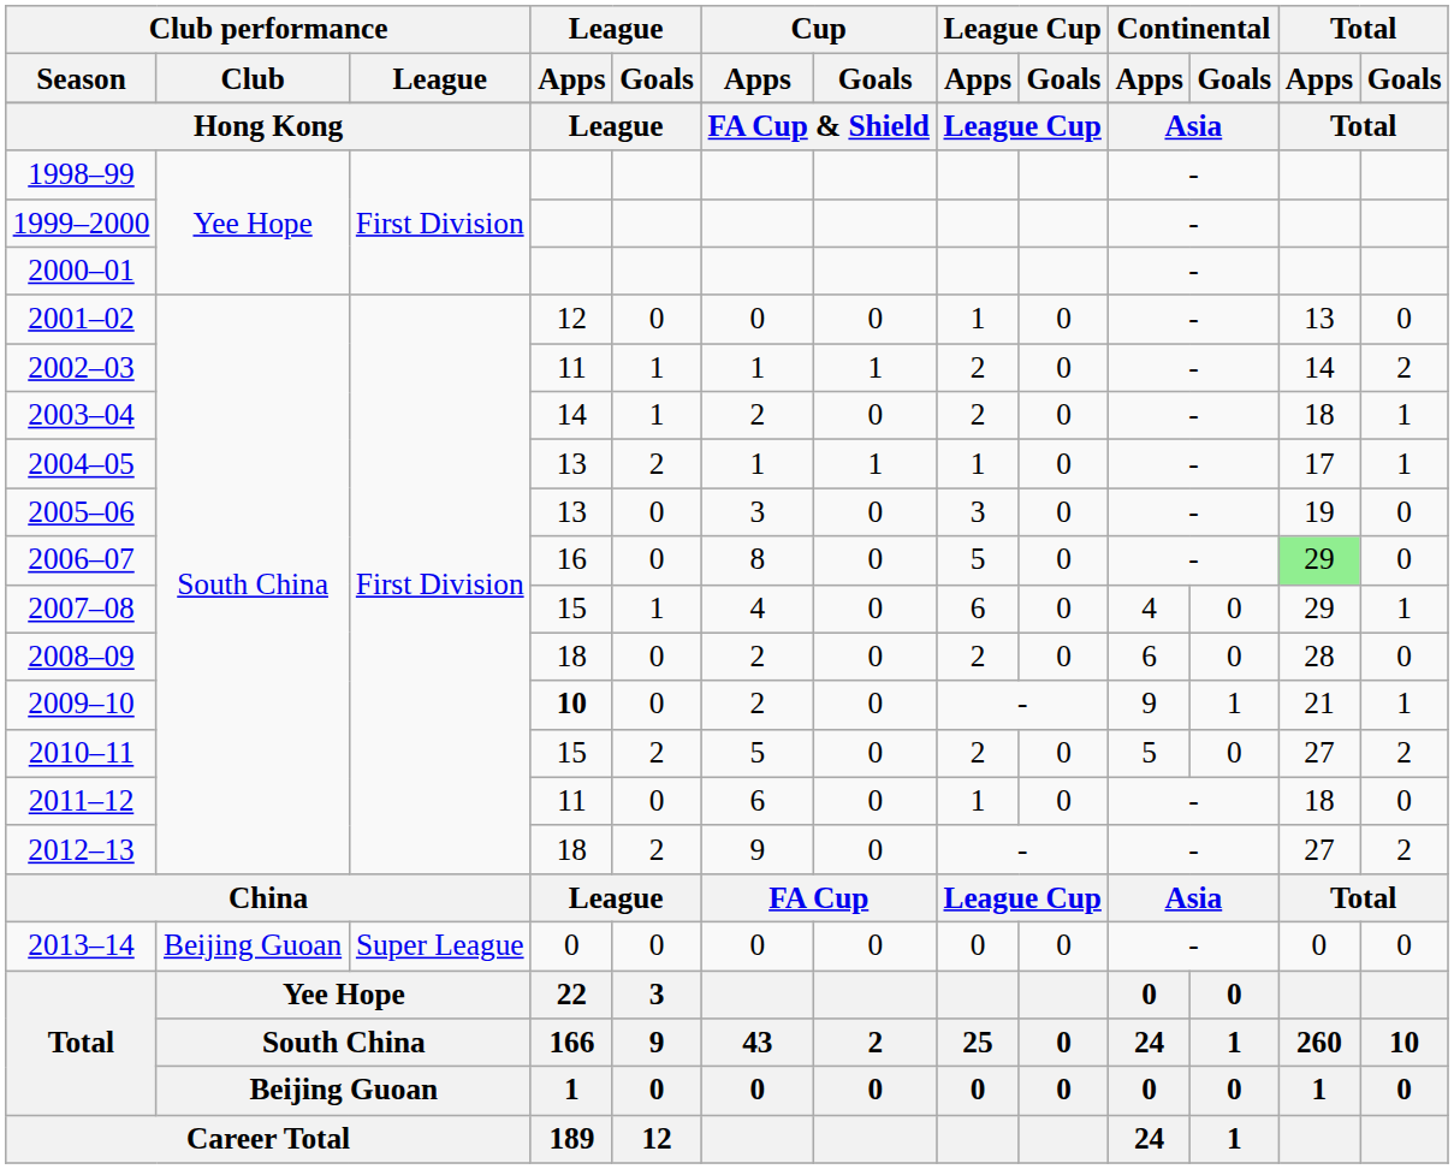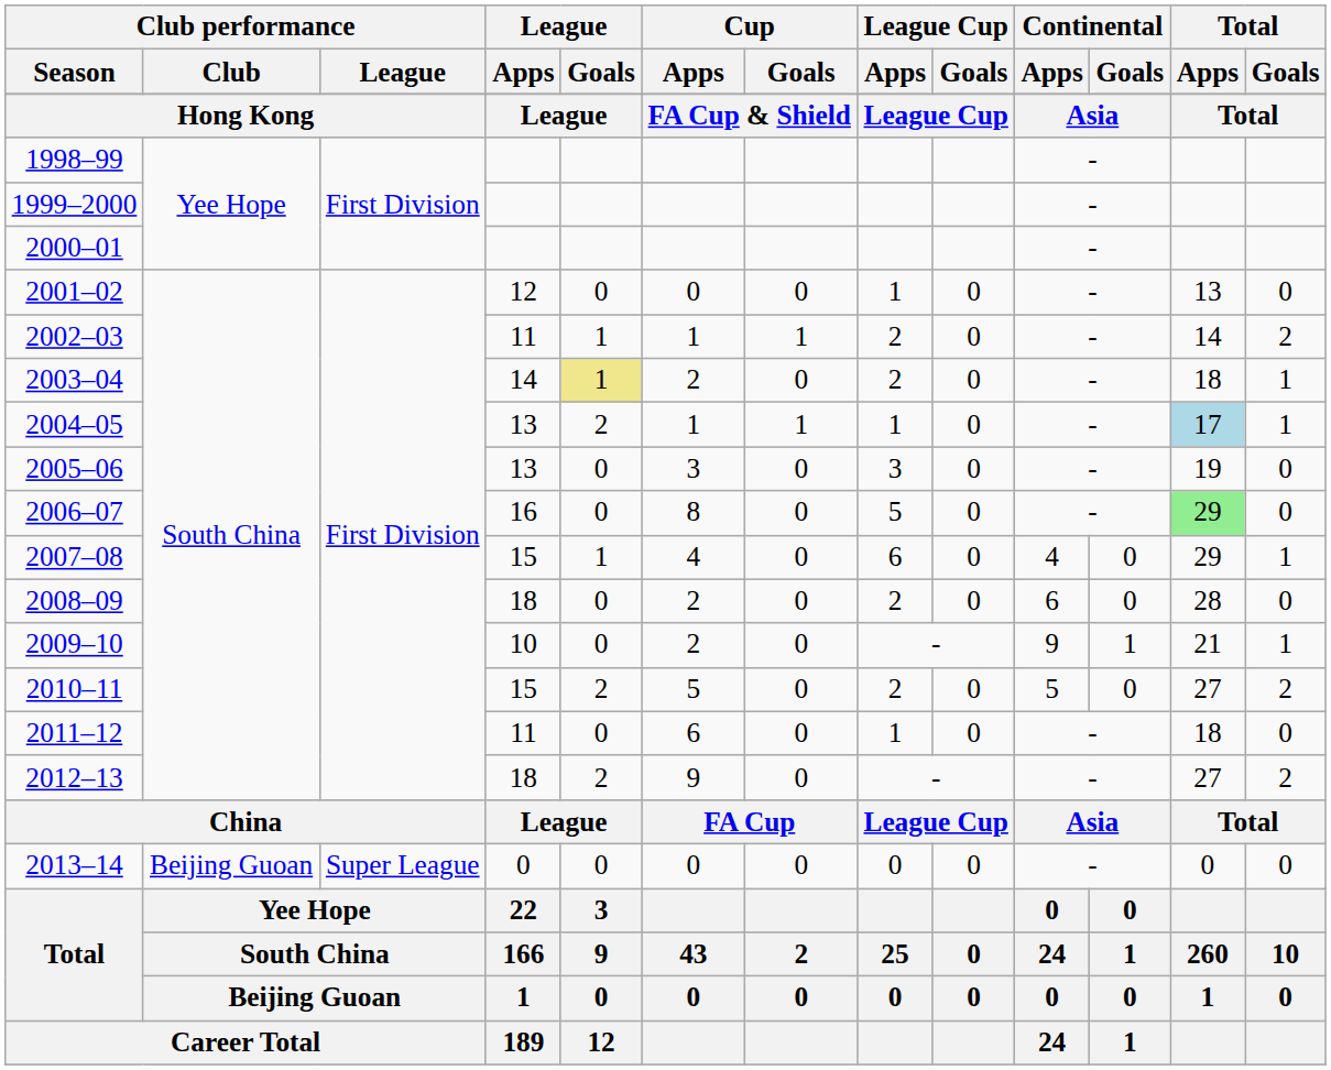 <table class="wikitable" style="text-align:center">
 <tr>
 <th colspan=3>Club performance</th>
 <th colspan=2>League</th>
 <th colspan=2>Cup</th>
 <th colspan=2>League Cup</th>
 <th colspan=2>Continental</th>
 <th colspan=2>Total</th>
 </tr>
 <tr>
 <th>Season</th>
 <th>Club</th>
 <th>League</th>
 <th>Apps</th>
 <th>Goals</th>
 <th>Apps</th>
 <th>Goals</th>
 <th>Apps</th>
 <th>Goals</th>
 <th>Apps</th>
 <th>Goals</th>
 <th>Apps</th>
 <th>Goals</th>
 </tr>
 <tr>
 </tr>
 <tr>
 <th colspan=3>Hong Kong</th>
 <th colspan=2>League</th>
 <th colspan=2><a href='#'>FA Cup</a> & <a href='#'>Shield</a></th>
 <th colspan=2><a href='#'>League Cup</a></th>
 <th colspan=2><a href='#'>Asia</a></th>
 <th colspan=2>Total</th>
 </tr>
 <tr>
 <td><a href='#'>1998–99</a></td>
 <td rowspan=3><a href='#'>Yee Hope</a></td>
 <td rowspan=3><a href='#'>First Division</a></td>
 <td></td>
 <td></td>
 <td></td>
 <td></td>
 <td></td>
 <td></td>
 <td colspan=2>-</td>
 <td></td>
 <td></td>
 </tr>
 <tr>
 <td><a href='#'>1999–2000</a></td>
 <td></td>
 <td></td>
 <td></td>
 <td></td>
 <td></td>
 <td></td>
 <td colspan=2>-</td>
 <td></td>
 <td></td>
 </tr>
 <tr>
 <td><a href='#'>2000–01</a></td>
 <td></td>
 <td></td>
 <td></td>
 <td></td>
 <td></td>
 <td></td>
 <td colspan=2>-</td>
 <td></td>
 <td></td>
 </tr>
 <tr>
 <td><a href='#'>2001–02</a></td>
 <td rowspan=12><a href='#'>South China</a></td>
 <td rowspan=12><a href='#'>First Division</a></td>
 <td>12</td>
 <td>0</td>
 <td>0</td>
 <td>0</td>
 <td>1</td>
 <td>0</td>
 <td colspan=2>-</td>
 <td>13</td>
 <td>0</td>
 </tr>
 <tr>
 <td><a href='#'>2002–03</a></td>
 <td>11</td>
 <td>1</td>
 <td>1</td>
 <td>1</td>
 <td>2</td>
 <td>0</td>
 <td colspan=2>-</td>
 <td>14</td>
 <td>2</td>
 </tr>
 <tr>
 <td><a href='#'>2003–04</a></td>
 <td>14</td>
-<td>1</td>
+<td style="background: khaki;">1</td>
 <td>2</td>
 <td>0</td>
 <td>2</td>
 <td>0</td>
 <td colspan=2>-</td>
 <td>18</td>
 <td>1</td>
 </tr>
 <tr>
 <td><a href='#'>2004–05</a></td>
 <td>13</td>
 <td>2</td>
 <td>1</td>
 <td>1</td>
 <td>1</td>
 <td>0</td>
 <td colspan=2>-</td>
-<td>17</td>
+<td style="background: lightblue;">17</td>
 <td>1</td>
 </tr>
 <tr>
 <td><a href='#'>2005–06</a></td>
 <td>13</td>
 <td>0</td>
 <td>3</td>
 <td>0</td>
 <td>3</td>
 <td>0</td>
 <td colspan=2>-</td>
 <td>19</td>
 <td>0</td>
 </tr>
 <tr>
 <td><a href='#'>2006–07</a></td>
 <td>16</td>
 <td>0</td>
 <td>8</td>
 <td>0</td>
 <td>5</td>
 <td>0</td>
 <td colspan=2>-</td>
 <td style="background: lightgreen;">29</td>
 <td>0</td>
 </tr>
 <tr>
 <td><a href='#'>2007–08</a></td>
 <td>15</td>
 <td>1</td>
 <td>4</td>
 <td>0</td>
 <td>6</td>
 <td>0</td>
 <td>4</td>
 <td>0</td>
 <td>29</td>
 <td>1</td>
 </tr>
 <tr>
 <td><a href='#'>2008–09</a></td>
 <td>18</td>
 <td>0</td>
 <td>2</td>
 <td>0</td>
 <td>2</td>
 <td>0</td>
 <td>6</td>
 <td>0</td>
 <td>28</td>
 <td>0</td>
 </tr>
 <tr>
 <td><a href='#'>2009–10</a></td>
-<td><strong>10</strong></td>
+<td>10</td>
 <td>0</td>
 <td>2</td>
 <td>0</td>
 <td colspan=2>-</td>
 <td>9</td>
 <td>1</td>
 <td>21</td>
 <td>1</td>
 </tr>
 <tr>
 <td><a href='#'>2010–11</a></td>
 <td>15</td>
 <td>2</td>
 <td>5</td>
 <td>0</td>
 <td>2</td>
 <td>0</td>
 <td>5</td>
 <td>0</td>
 <td>27</td>
 <td>2</td>
 </tr>
 <tr>
 <td><a href='#'>2011–12</a></td>
 <td>11</td>
 <td>0</td>
 <td>6</td>
 <td>0</td>
 <td>1</td>
 <td>0</td>
 <td colspan=2>-</td>
 <td>18</td>
 <td>0</td>
 </tr>
 <tr>
 <td><a href='#'>2012–13</a></td>
 <td>18</td>
 <td>2</td>
 <td>9</td>
 <td>0</td>
 <td colspan=2>-</td>
 <td colspan=2>-</td>
 <td>27</td>
 <td>2</td>
 </tr>
 <tr>
 <th colspan=3>China</th>
 <th colspan=2>League</th>
 <th colspan=2><a href='#'>FA Cup</a></th>
 <th colspan=2><a href='#'>League Cup</a></th>
 <th colspan=2><a href='#'>Asia</a></th>
 <th colspan=2>Total</th>
 </tr>
 <tr>
 <td><a href='#'>2013–14</a></td>
 <td><a href='#'>Beijing Guoan</a></td>
 <td><a href='#'>Super League</a></td>
 <td>0</td>
 <td>0</td>
 <td>0</td>
 <td>0</td>
 <td>0</td>
 <td>0</td>
 <td colspan=2>-</td>
 <td>0</td>
 <td>0</td>
 </tr>
 <tr>
 <th rowspan=3>Total</th>
 <th colspan=2>Yee Hope</th>
 <th>22</th>
 <th>3</th>
 <th></th>
 <th></th>
 <th></th>
 <th></th>
 <th>0</th>
 <th>0</th>
 <th></th>
 <th></th>
 </tr>
 <tr>
 <th colspan=2>South China</th>
 <th>166</th>
 <th>9</th>
 <th>43</th>
 <th>2</th>
 <th>25</th>
 <th>0</th>
 <th>24</th>
 <th>1</th>
 <th>260</th>
 <th>10</th>
 </tr>
 <tr>
 <th colspan=2>Beijing Guoan</th>
 <th>1</th>
 <th>0</th>
 <th>0</th>
 <th>0</th>
 <th>0</th>
 <th>0</th>
 <th>0</th>
 <th>0</th>
 <th>1</th>
 <th>0</th>
 </tr>
 <tr>
 <th colspan=3>Career Total</th>
 <th>189</th>
 <th>12</th>
 <th></th>
 <th></th>
 <th></th>
 <th></th>
 <th>24</th>
 <th>1</th>
 <th></th>
 <th></th>
 </tr>
 </table>
